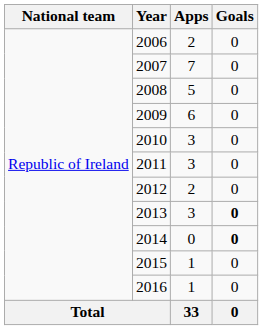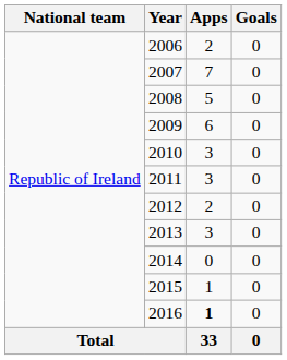 <table class=wikitable style=text-align:center>
 <tr>
 <th>National team</th>
 <th>Year</th>
 <th>Apps</th>
 <th>Goals</th>
 </tr>
 <tr>
 <td rowspan=11><a href='#'>Republic of Ireland</a></td>
 <td>2006</td>
 <td>2</td>
 <td>0</td>
 </tr>
 <tr>
 <td>2007</td>
 <td>7</td>
 <td>0</td>
 </tr>
 <tr>
 <td>2008</td>
 <td>5</td>
 <td>0</td>
 </tr>
 <tr>
 <td>2009</td>
 <td>6</td>
 <td>0</td>
 </tr>
 <tr>
 <td>2010</td>
 <td>3</td>
 <td>0</td>
 </tr>
 <tr>
 <td>2011</td>
 <td>3</td>
 <td>0</td>
 </tr>
 <tr>
 <td>2012</td>
 <td>2</td>
 <td>0</td>
 </tr>
 <tr>
 <td>2013</td>
 <td>3</td>
-<td><strong>0</strong></td>
+<td>0</td>
 </tr>
 <tr>
 <td>2014</td>
 <td>0</td>
-<td><strong>0</strong></td>
+<td>0</td>
 </tr>
 <tr>
 <td>2015</td>
 <td>1</td>
 <td>0</td>
 </tr>
 <tr>
 <td>2016</td>
-<td>1</td>
+<td><strong>1</strong></td>
 <td>0</td>
 </tr>
 <tr>
 <th colspan=2>Total</th>
 <th>33</th>
 <th>0</th>
 </tr>
 </table>
